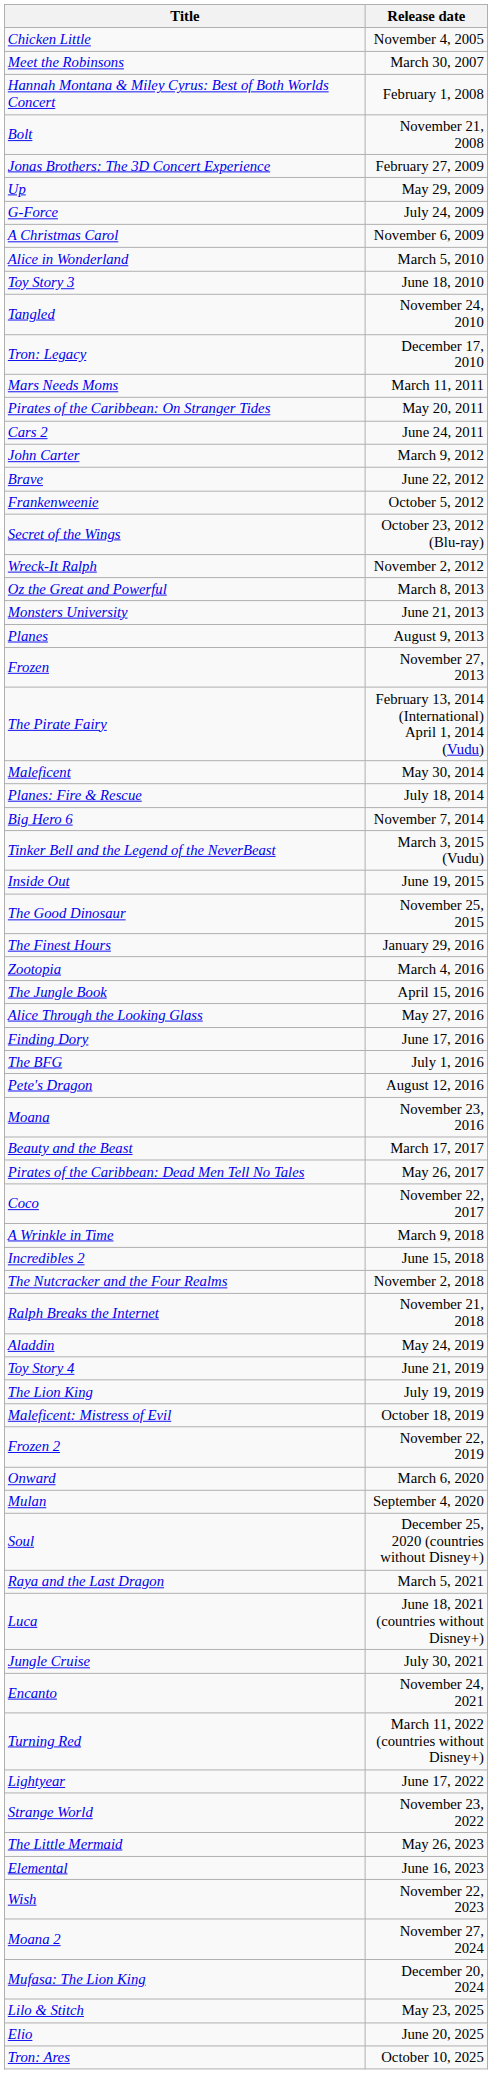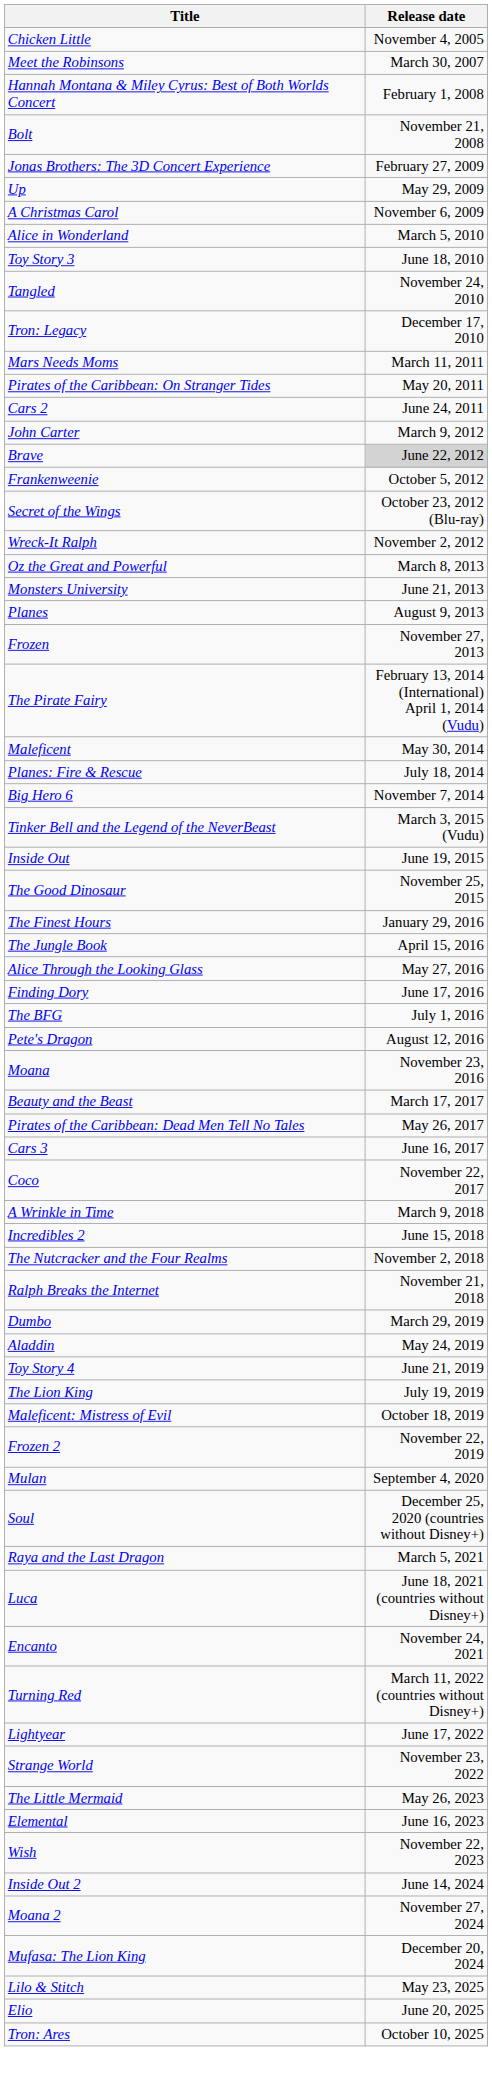 <table class="wikitable sortable">
 <tr>
 <th width=385px>Title</th>
 <th width=125px>Release date</th>
 </tr>
 <tr>
 <td><em><a href='#'>Chicken Little</a></em></td>
 <td style="text-align:right;">November 4, 2005</td>
 </tr>
 <tr>
 <td><em><a href='#'>Meet the Robinsons</a></em></td>
 <td style="text-align:right;">March 30, 2007</td>
 </tr>
 <tr>
 <td><em><a href='#'>Hannah Montana & Miley Cyrus: Best of Both Worlds Concert</a></em></td>
 <td style="text-align:right;">February 1, 2008</td>
 </tr>
 <tr>
 <td><em><a href='#'>Bolt</a></em></td>
 <td style="text-align:right;">November 21, 2008</td>
 </tr>
 <tr>
 <td><em><a href='#'>Jonas Brothers: The 3D Concert Experience</a></em></td>
 <td style="text-align:right;">February 27, 2009</td>
 </tr>
 <tr>
 <td><em><a href='#'>Up</a></em></td>
 <td style="text-align:right;">May 29, 2009</td>
-</tr>
-<tr>
-<td><em><a href='#'>G-Force</a></em></td>
-<td style="text-align:right;">July 24, 2009</td>
 </tr>
 <tr>
 <td><em><a href='#'>A Christmas Carol</a></em></td>
 <td style="text-align:right;">November 6, 2009</td>
 </tr>
 <tr>
 <td><em><a href='#'>Alice in Wonderland</a></em></td>
 <td style="text-align:right;">March 5, 2010</td>
 </tr>
 <tr>
 <td><em><a href='#'>Toy Story 3</a></em></td>
 <td style="text-align:right;">June 18, 2010</td>
 </tr>
 <tr>
 <td><em><a href='#'>Tangled</a></em></td>
 <td style="text-align:right;">November 24, 2010</td>
 </tr>
 <tr>
 <td><em><a href='#'>Tron: Legacy</a></em></td>
 <td style="text-align:right;">December 17, 2010</td>
 </tr>
 <tr>
 <td><em><a href='#'>Mars Needs Moms</a></em></td>
 <td style="text-align:right;">March 11, 2011</td>
 </tr>
 <tr>
 <td><em><a href='#'>Pirates of the Caribbean: On Stranger Tides</a></em></td>
 <td style="text-align:right;">May 20, 2011</td>
 </tr>
 <tr>
 <td><em><a href='#'>Cars 2</a></em></td>
 <td style="text-align:right;">June 24, 2011</td>
 </tr>
 <tr>
 <td><em><a href='#'>John Carter</a></em></td>
 <td style="text-align:right;">March 9, 2012</td>
 </tr>
 <tr>
 <td><em><a href='#'>Brave</a></em></td>
-<td style="text-align:right;">June 22, 2012</td>
+<td style="background: lightgrey; text-align:right;">June 22, 2012</td>
 </tr>
 <tr>
 <td><em><a href='#'>Frankenweenie</a></em></td>
 <td style="text-align:right;">October 5, 2012</td>
 </tr>
 <tr>
 <td><em><a href='#'>Secret of the Wings</a></em></td>
 <td style="text-align:right;">October 23, 2012 (Blu-ray)</td>
 </tr>
 <tr>
 <td><em><a href='#'>Wreck-It Ralph</a></em></td>
 <td style="text-align:right;">November 2, 2012</td>
 </tr>
 <tr>
 <td><em><a href='#'>Oz the Great and Powerful</a></em></td>
 <td style="text-align:right;">March 8, 2013</td>
 </tr>
 <tr>
 <td><em><a href='#'>Monsters University</a></em></td>
 <td style="text-align:right;">June 21, 2013</td>
 </tr>
 <tr>
 <td><em><a href='#'>Planes</a></em></td>
 <td style="text-align:right;">August 9, 2013</td>
 </tr>
 <tr>
 <td><em><a href='#'>Frozen</a></em></td>
 <td style="text-align:right;">November 27, 2013</td>
 </tr>
 <tr>
 <td><em><a href='#'>The Pirate Fairy</a></em></td>
 <td style="text-align:right;">February 13, 2014 (International) <br> April 1, 2014 (<a href='#'>Vudu</a>)</td>
 </tr>
 <tr>
 <td><em><a href='#'>Maleficent</a></em></td>
 <td style="text-align:right;">May 30, 2014</td>
 </tr>
 <tr>
 <td><em><a href='#'>Planes: Fire & Rescue</a></em></td>
 <td style="text-align:right;">July 18, 2014</td>
 </tr>
 <tr>
 <td><em><a href='#'>Big Hero 6</a></em></td>
 <td style="text-align:right;">November 7, 2014</td>
 </tr>
 <tr>
 <td><em><a href='#'>Tinker Bell and the Legend of the NeverBeast</a></em></td>
 <td style="text-align:right;">March 3, 2015 (Vudu)</td>
 </tr>
 <tr>
 <td><em><a href='#'>Inside Out</a></em></td>
 <td style="text-align:right;">June 19, 2015</td>
 </tr>
 <tr>
 <td><em><a href='#'>The Good Dinosaur</a></em></td>
 <td style="text-align:right;">November 25, 2015</td>
 </tr>
 <tr>
 <td><em><a href='#'>The Finest Hours</a></em></td>
 <td style="text-align:right;">January 29, 2016</td>
 </tr>
 <tr>
-<td><em><a href='#'>Zootopia</a></em></td>
-<td style="text-align:right;">March 4, 2016</td>
-</tr>
-<tr>
 <td><em><a href='#'>The Jungle Book</a></em></td>
 <td style="text-align:right;">April 15, 2016</td>
 </tr>
 <tr>
 <td><em><a href='#'>Alice Through the Looking Glass</a></em></td>
 <td style="text-align:right;">May 27, 2016</td>
 </tr>
 <tr>
 <td><em><a href='#'>Finding Dory</a></em></td>
 <td style="text-align:right;">June 17, 2016</td>
 </tr>
 <tr>
 <td><em><a href='#'>The BFG</a></em></td>
 <td style="text-align:right;">July 1, 2016</td>
 </tr>
 <tr>
 <td><em><a href='#'>Pete's Dragon</a></em></td>
 <td style="text-align:right;">August 12, 2016</td>
 </tr>
 <tr>
 <td><em><a href='#'>Moana</a></em></td>
 <td style="text-align:right;">November 23, 2016</td>
 </tr>
 <tr>
 <td><em><a href='#'>Beauty and the Beast</a></em></td>
 <td style="text-align:right;">March 17, 2017</td>
 </tr>
 <tr>
 <td><em><a href='#'>Pirates of the Caribbean: Dead Men Tell No Tales</a></em></td>
 <td style="text-align:right;">May 26, 2017</td>
 </tr>
 <tr>
+<td><em><a href='#'>Cars 3</a></em></td>
+<td style="text-align:right;">June 16, 2017</td>
+</tr>
+<tr>
 <td><em><a href='#'>Coco</a></em></td>
 <td style="text-align:right;">November 22, 2017</td>
 </tr>
 <tr>
 <td><em><a href='#'>A Wrinkle in Time</a></em></td>
 <td style="text-align:right;">March 9, 2018</td>
 </tr>
 <tr>
 <td><em><a href='#'>Incredibles 2</a></em></td>
 <td style="text-align:right;">June 15, 2018</td>
 </tr>
 <tr>
 <td><em><a href='#'>The Nutcracker and the Four Realms</a></em></td>
 <td style="text-align:right;">November 2, 2018</td>
 </tr>
 <tr>
 <td><em><a href='#'>Ralph Breaks the Internet</a></em></td>
 <td style="text-align:right;">November 21, 2018</td>
+</tr>
+<tr>
+<td><em><a href='#'>Dumbo</a></em></td>
+<td style="text-align:right;">March 29, 2019</td>
 </tr>
 <tr>
 <td><em><a href='#'>Aladdin</a></em></td>
 <td style="text-align:right;">May 24, 2019</td>
 </tr>
 <tr>
 <td><em><a href='#'>Toy Story 4</a></em></td>
 <td style="text-align:right;">June 21, 2019</td>
 </tr>
 <tr>
 <td><em><a href='#'>The Lion King</a></em></td>
 <td style="text-align:right;">July 19, 2019</td>
 </tr>
 <tr>
 <td><em><a href='#'>Maleficent: Mistress of Evil</a></em></td>
 <td style="text-align:right;">October 18, 2019</td>
 </tr>
 <tr>
 <td><em><a href='#'>Frozen 2</a></em></td>
 <td style="text-align:right;">November 22, 2019</td>
 </tr>
 <tr>
-<td><em><a href='#'>Onward</a></em></td>
-<td style="text-align:right;">March 6, 2020</td>
-</tr>
-<tr>
 <td><em><a href='#'>Mulan</a></em></td>
 <td style="text-align:right;">September 4, 2020</td>
 </tr>
 <tr>
 <td><em><a href='#'>Soul</a></em></td>
 <td style="text-align:right;">December 25, 2020 (countries without Disney+)</td>
 </tr>
 <tr>
 <td><em><a href='#'>Raya and the Last Dragon</a></em></td>
 <td style="text-align:right;">March 5, 2021</td>
 </tr>
 <tr>
 <td><em><a href='#'>Luca</a></em></td>
 <td style="text-align:right;">June 18, 2021 (countries without Disney+)</td>
-</tr>
-<tr>
-<td><em><a href='#'>Jungle Cruise</a></em></td>
-<td style="text-align:right;">July 30, 2021</td>
 </tr>
 <tr>
 <td><em><a href='#'>Encanto</a></em></td>
 <td style="text-align:right;">November 24, 2021</td>
 </tr>
 <tr>
 <td><em><a href='#'>Turning Red</a></em></td>
 <td style="text-align:right;">March 11, 2022 (countries without Disney+)</td>
 </tr>
 <tr>
 <td><em><a href='#'>Lightyear</a></em></td>
 <td style="text-align:right;">June 17, 2022</td>
 </tr>
 <tr>
 <td><em><a href='#'>Strange World</a></em></td>
 <td style="text-align:right;">November 23, 2022</td>
 </tr>
 <tr>
 <td><em><a href='#'>The Little Mermaid</a></em></td>
 <td style="text-align:right;">May 26, 2023</td>
 </tr>
 <tr>
 <td><em><a href='#'>Elemental</a></em></td>
 <td style="text-align:right;">June 16, 2023</td>
 </tr>
 <tr>
 <td><em><a href='#'>Wish</a></em></td>
 <td style="text-align:right;">November 22, 2023</td>
 </tr>
 <tr>
+<td><em><a href='#'>Inside Out 2</a></em></td>
+<td style="text-align:right;">June 14, 2024</td>
+</tr>
+<tr>
 <td><em><a href='#'>Moana 2</a></em></td>
 <td style="text-align:right;">November 27, 2024</td>
 </tr>
 <tr>
 <td><em><a href='#'>Mufasa: The Lion King</a></em></td>
 <td style="text-align:right;">December 20, 2024</td>
 </tr>
 <tr>
 <td><em><a href='#'>Lilo & Stitch</a></em></td>
 <td style="text-align:right;">May 23, 2025</td>
 </tr>
 <tr>
 <td><em><a href='#'>Elio</a></em></td>
 <td style="text-align:right;">June 20, 2025</td>
 </tr>
 <tr>
 <td><em><a href='#'>Tron: Ares</a></em></td>
 <td style="text-align:right;">October 10, 2025</td>
 </tr>
 </table>
